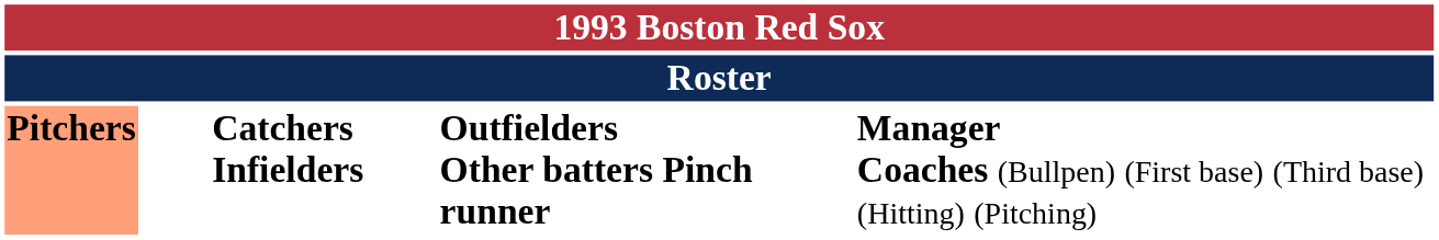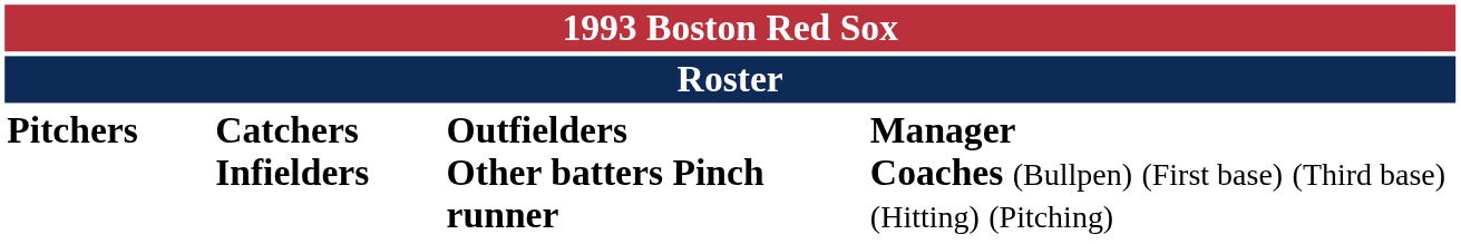 <table class="toccolours" style="text-align: left;">
 <tr>
 <th colspan="10" style="background-color: #ba313c; color: #FFFFFF; text-align: center;">1993 Boston Red Sox</th>
 </tr>
 <tr>
 <td colspan="10" style="background-color:#0d2b56; color: white; text-align: center;"><strong>Roster</strong></td>
 </tr>
 <tr>
-<td valign="top" style="background: lightsalmon;"><strong>Pitchers</strong><br>               </td>
+<td valign="top"><strong>Pitchers</strong><br>               </td>
 <td width="25px"></td>
 <td valign="top"><strong>Catchers</strong><br>   <strong>Infielders</strong>          </td>
 <td width="25px"></td>
 <td valign="top"><strong>Outfielders</strong><br>        <strong>Other batters</strong>  <strong>Pinch runner</strong> </td>
 <td width="25px"></td>
 <td valign="top"><strong>Manager</strong><br> <strong>Coaches</strong>  <small>(Bullpen)</small>  <small>(First base)</small>  <small>(Third base)</small>  <small>(Hitting)</small>  <small>(Pitching)</small></td>
 </tr>
 <tr>
 </tr>
 </table>
